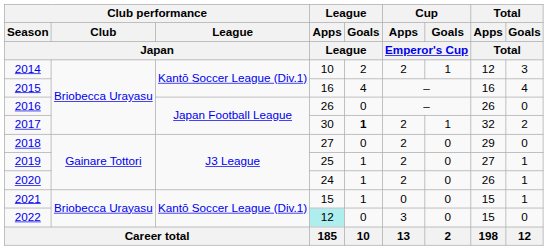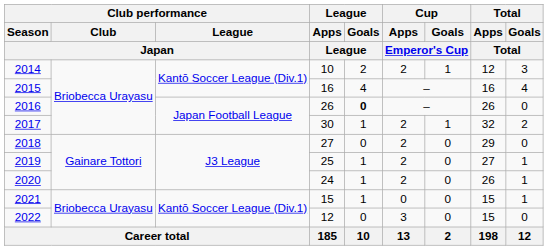 <table class="wikitable" style="text-align:center">
 <tr>
 <th colspan=3>Club performance</th>
 <th colspan=2>League</th>
 <th colspan=2>Cup</th>
 <th colspan=2>Total</th>
 </tr>
 <tr>
 <th>Season</th>
 <th>Club</th>
 <th>League</th>
 <th>Apps</th>
 <th>Goals</th>
 <th>Apps</th>
 <th>Goals</th>
 <th>Apps</th>
 <th>Goals</th>
 </tr>
 <tr>
 <th colspan=3>Japan</th>
 <th colspan=2>League</th>
 <th colspan=2><a href='#'>Emperor's Cup</a></th>
 <th colspan=2>Total</th>
 </tr>
 <tr>
 <td><a href='#'>2014</a></td>
 <td rowspan="4"><a href='#'>Briobecca Urayasu</a></td>
 <td rowspan="2"><a href='#'>Kantō Soccer League (Div.1)</a></td>
 <td>10</td>
 <td>2</td>
 <td>2</td>
 <td>1</td>
 <td>12</td>
 <td>3</td>
 </tr>
 <tr>
 <td><a href='#'>2015</a></td>
 <td>16</td>
 <td>4</td>
 <td colspan="2">–</td>
 <td>16</td>
 <td>4</td>
 </tr>
 <tr>
 <td><a href='#'>2016</a></td>
 <td rowspan="2"><a href='#'>Japan Football League</a></td>
 <td>26</td>
-<td>0</td>
+<td><strong>0</strong></td>
 <td colspan="2">–</td>
 <td>26</td>
 <td>0</td>
 </tr>
 <tr>
 <td><a href='#'>2017</a></td>
 <td>30</td>
-<td><strong>1</strong></td>
+<td>1</td>
 <td>2</td>
 <td>1</td>
 <td>32</td>
 <td>2</td>
 </tr>
 <tr>
 <td><a href='#'>2018</a></td>
 <td rowspan="3"><a href='#'>Gainare Tottori</a></td>
 <td rowspan="3"><a href='#'>J3 League</a></td>
 <td>27</td>
 <td>0</td>
 <td>2</td>
 <td>0</td>
 <td>29</td>
 <td>0</td>
 </tr>
 <tr>
 <td><a href='#'>2019</a></td>
 <td>25</td>
 <td>1</td>
 <td>2</td>
 <td>0</td>
 <td>27</td>
 <td>1</td>
 </tr>
 <tr>
 <td><a href='#'>2020</a></td>
 <td>24</td>
 <td>1</td>
 <td>2</td>
 <td>0</td>
 <td>26</td>
 <td>1</td>
 </tr>
 <tr>
 <td><a href='#'>2021</a></td>
 <td rowspan="2"><a href='#'>Briobecca Urayasu</a></td>
 <td rowspan="2"><a href='#'>Kantō Soccer League (Div.1)</a></td>
 <td>15</td>
 <td>1</td>
 <td>0</td>
 <td>0</td>
 <td>15</td>
 <td>1</td>
 </tr>
 <tr>
 <td><a href='#'>2022</a></td>
-<td style="background: paleturquoise;">12</td>
+<td>12</td>
 <td>0</td>
 <td>3</td>
 <td>0</td>
 <td>15</td>
 <td>0</td>
 </tr>
 <tr>
 <th colspan=3>Career total</th>
 <th>185</th>
 <th>10</th>
 <th>13</th>
 <th>2</th>
 <th>198</th>
 <th>12</th>
 </tr>
 </table>
